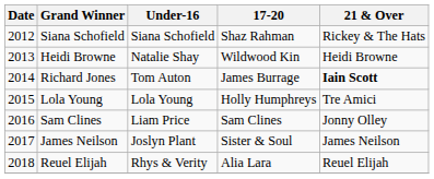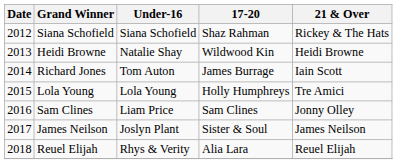 <table class="wikitable">
 <tr>
 <th>Date</th>
 <th>Grand Winner</th>
 <th>Under-16</th>
 <th>17-20</th>
 <th>21 & Over</th>
 </tr>
 <tr>
 <td>2012</td>
 <td>Siana Schofield</td>
 <td>Siana Schofield</td>
 <td>Shaz Rahman</td>
 <td>Rickey & The Hats</td>
 </tr>
 <tr>
 <td>2013</td>
 <td>Heidi Browne</td>
 <td>Natalie Shay</td>
 <td>Wildwood Kin</td>
 <td>Heidi Browne</td>
 </tr>
 <tr>
 <td>2014</td>
 <td>Richard Jones</td>
 <td>Tom Auton</td>
 <td>James Burrage</td>
-<td><strong>Iain Scott</strong></td>
+<td>Iain Scott</td>
 </tr>
 <tr>
 <td>2015</td>
 <td>Lola Young</td>
 <td>Lola Young</td>
 <td>Holly Humphreys</td>
 <td>Tre Amici</td>
 </tr>
 <tr>
 <td>2016</td>
 <td>Sam Clines</td>
 <td>Liam Price</td>
 <td>Sam Clines</td>
 <td>Jonny Olley</td>
 </tr>
 <tr>
 <td>2017</td>
 <td>James Neilson</td>
 <td>Joslyn Plant</td>
 <td>Sister & Soul</td>
 <td>James Neilson</td>
 </tr>
 <tr>
 <td>2018</td>
 <td>Reuel Elijah</td>
 <td>Rhys & Verity</td>
 <td>Alia Lara</td>
 <td>Reuel Elijah</td>
 </tr>
 <tr>
 </tr>
 </table>
